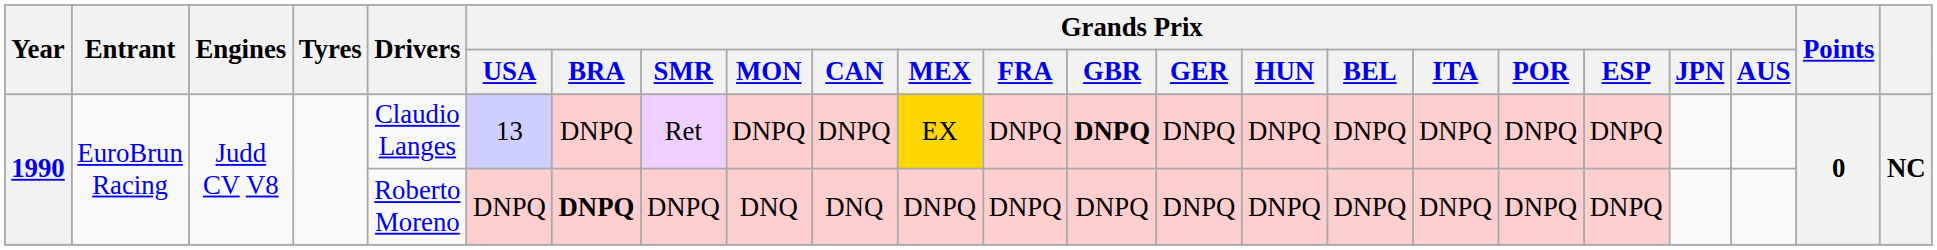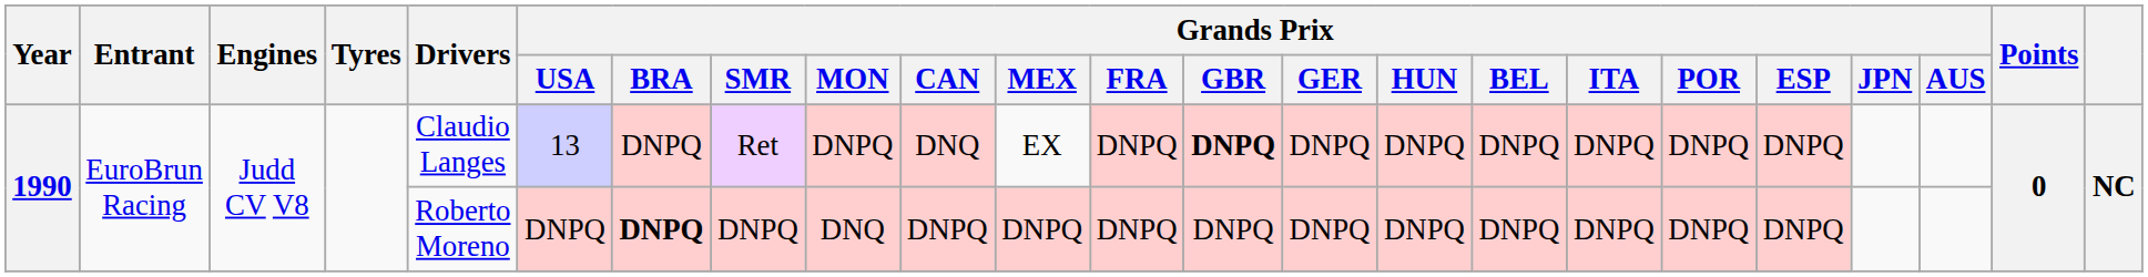 <table class="wikitable" style="text-align:center; font-size:90%">
 <tr>
 <th rowspan="2">Year</th>
 <th rowspan="2">Entrant</th>
 <th rowspan="2">Engines</th>
 <th rowspan="2">Tyres</th>
 <th rowspan="2">Drivers</th>
 <th colspan="16">Grands Prix</th>
 <th rowspan="2"><a href='#'>Points</a></th>
 <th rowspan="2"></th>
 </tr>
 <tr>
 <th><a href='#'>USA</a></th>
 <th><a href='#'>BRA</a></th>
 <th><a href='#'>SMR</a></th>
 <th><a href='#'>MON</a></th>
 <th><a href='#'>CAN</a></th>
 <th><a href='#'>MEX</a></th>
 <th><a href='#'>FRA</a></th>
 <th><a href='#'>GBR</a></th>
 <th><a href='#'>GER</a></th>
 <th><a href='#'>HUN</a></th>
 <th><a href='#'>BEL</a></th>
 <th><a href='#'>ITA</a></th>
 <th><a href='#'>POR</a></th>
 <th><a href='#'>ESP</a></th>
 <th><a href='#'>JPN</a></th>
 <th><a href='#'>AUS</a></th>
 </tr>
 <tr>
 <th rowspan="2"><a href='#'>1990</a></th>
 <td rowspan="2"><a href='#'>EuroBrun Racing</a></td>
 <td rowspan="2"><a href='#'>Judd CV</a> <a href='#'>V8</a></td>
 <td rowspan="2"></td>
 <td> <a href='#'>Claudio Langes</a></td>
 <td style="background:#CFCFFF;">13</td>
 <td style="background:#FFCFCF;">DNPQ</td>
 <td style="background:#EFCFFF;">Ret</td>
 <td style="background:#FFCFCF;">DNPQ</td>
-<td style="background:#FFCFCF;">DNPQ</td>
-<td style="background: gold;">EX</td>
+<td style="background:#FFCFCF;">DNQ</td>
+<td>EX</td>
 <td style="background:#FFCFCF;">DNPQ</td>
 <td style="background:#FFCFCF;"><strong>DNPQ</strong></td>
 <td style="background:#FFCFCF;">DNPQ</td>
 <td style="background:#FFCFCF;">DNPQ</td>
 <td style="background:#FFCFCF;">DNPQ</td>
 <td style="background:#FFCFCF;">DNPQ</td>
 <td style="background:#FFCFCF;">DNPQ</td>
 <td style="background:#FFCFCF;">DNPQ</td>
 <td></td>
 <td></td>
 <th rowspan="2">0</th>
 <th rowspan="2">NC</th>
 </tr>
 <tr>
 <td> <a href='#'>Roberto Moreno</a></td>
 <td style="background:#FFCFCF;">DNPQ</td>
 <td style="background:#FFCFCF;"><strong>DNPQ</strong></td>
 <td style="background:#FFCFCF;">DNPQ</td>
 <td style="background:#FFCFCF;">DNQ</td>
-<td style="background:#FFCFCF;">DNQ</td>
+<td style="background:#FFCFCF;">DNPQ</td>
 <td style="background:#FFCFCF;">DNPQ</td>
 <td style="background:#FFCFCF;">DNPQ</td>
 <td style="background:#FFCFCF;">DNPQ</td>
 <td style="background:#FFCFCF;">DNPQ</td>
 <td style="background:#FFCFCF;">DNPQ</td>
 <td style="background:#FFCFCF;">DNPQ</td>
 <td style="background:#FFCFCF;">DNPQ</td>
 <td style="background:#FFCFCF;">DNPQ</td>
 <td style="background:#FFCFCF;">DNPQ</td>
 <td></td>
 <td></td>
 </tr>
 </table>
